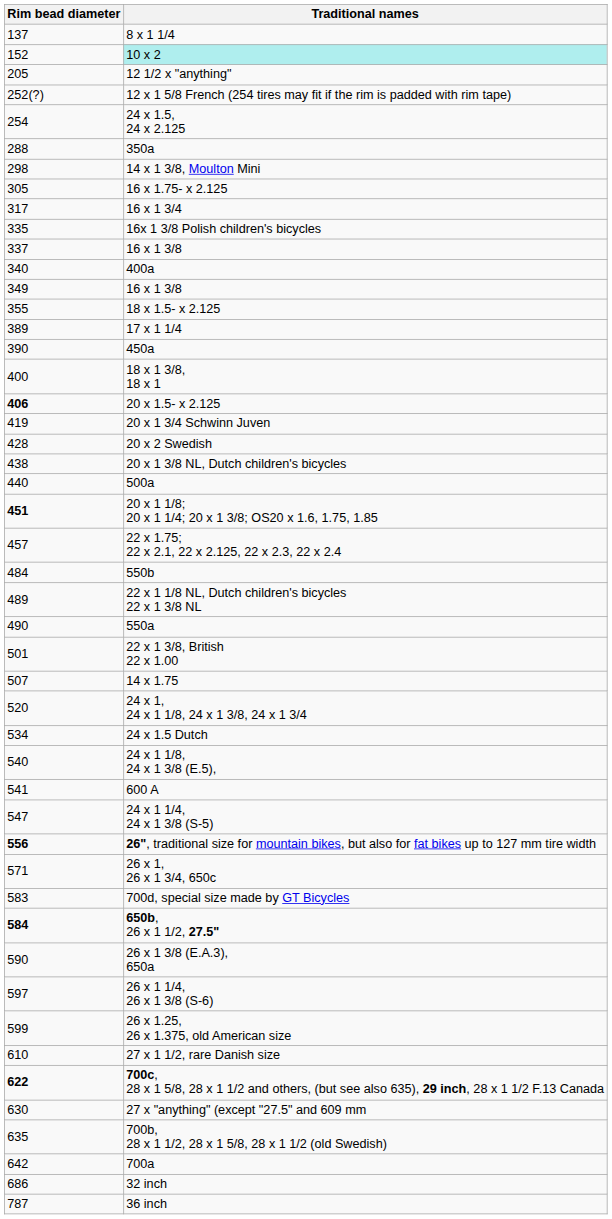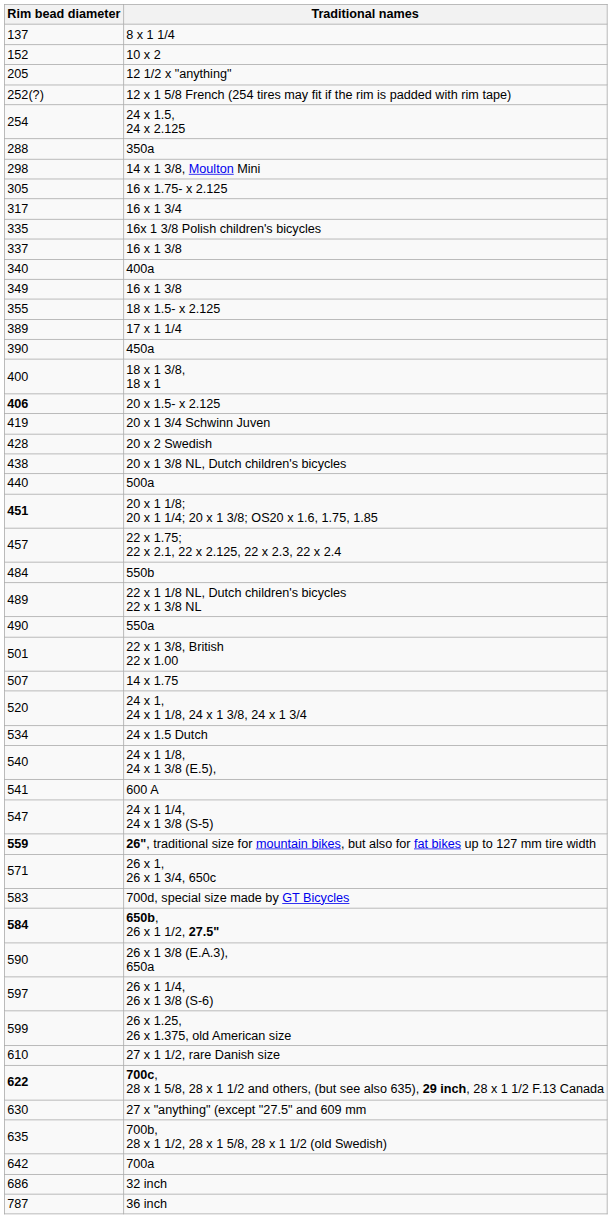 <table class="wikitable">
 <tr>
 <th>Rim bead diameter</th>
 <th>Traditional names</th>
 </tr>
 <tr>
 <td>137</td>
 <td>8 x 1 1/4</td>
 </tr>
 <tr>
 <td>152</td>
-<td style="background: paleturquoise;">10 x 2</td>
+<td>10 x 2</td>
 </tr>
 <tr>
 <td>205</td>
 <td>12 1/2 x "anything"</td>
 </tr>
 <tr>
 <td>252(?)</td>
 <td>12 x 1 5/8 French (254 tires may fit if the rim is padded with rim tape)</td>
 </tr>
 <tr>
 <td>254</td>
 <td>24 x 1.5,<br>24 x 2.125</td>
 </tr>
 <tr>
 <td>288</td>
 <td>350a</td>
 </tr>
 <tr>
 <td>298</td>
 <td>14 x 1 3/8, <a href='#'>Moulton</a> Mini</td>
 </tr>
 <tr>
 <td>305</td>
 <td>16 x 1.75- x 2.125</td>
 </tr>
 <tr>
 <td>317</td>
 <td>16 x 1 3/4</td>
 </tr>
 <tr>
 <td>335</td>
 <td>16x 1 3/8 Polish children's bicycles</td>
 </tr>
 <tr>
 <td>337</td>
 <td>16 x 1 3/8</td>
 </tr>
 <tr>
 <td>340</td>
 <td>400a</td>
 </tr>
 <tr>
 <td>349</td>
 <td>16 x 1 3/8</td>
 </tr>
 <tr>
 <td>355</td>
 <td>18 x 1.5- x 2.125</td>
 </tr>
 <tr>
 <td>389</td>
 <td>17 x 1 1/4</td>
 </tr>
 <tr>
 <td>390</td>
 <td>450a</td>
 </tr>
 <tr>
 <td>400</td>
 <td>18 x 1 3/8,<br>18 x 1</td>
 </tr>
 <tr>
 <td><strong>406</strong></td>
 <td>20 x 1.5- x 2.125</td>
 </tr>
 <tr>
 <td>419</td>
 <td>20 x 1 3/4 Schwinn Juven</td>
 </tr>
 <tr>
 <td>428</td>
 <td>20 x 2 Swedish</td>
 </tr>
 <tr>
 <td>438</td>
 <td>20 x 1 3/8 NL, Dutch children's bicycles</td>
 </tr>
 <tr>
 <td>440</td>
 <td>500a</td>
 </tr>
 <tr>
 <td><strong>451</strong></td>
 <td>20 x 1 1/8;<br>20 x 1 1/4;  20 x 1 3/8;  OS20 x 1.6, 1.75, 1.85</td>
 </tr>
 <tr>
 <td>457</td>
 <td>22 x 1.75;<br>22 x 2.1,  22 x 2.125,  22 x 2.3,  22 x 2.4</td>
 </tr>
 <tr>
 <td>484</td>
 <td>550b</td>
 </tr>
 <tr>
 <td>489</td>
 <td>22 x 1 1/8 NL, Dutch children's bicycles<br>22 x 1 3/8 NL</td>
 </tr>
 <tr>
 <td>490</td>
 <td>550a</td>
 </tr>
 <tr>
 <td>501</td>
 <td>22 x 1 3/8, British<br>22 x 1.00</td>
 </tr>
 <tr>
 <td>507</td>
 <td>14 x 1.75</td>
 </tr>
 <tr>
 <td>520</td>
 <td>24 x 1,<br>24 x 1 1/8,  24 x 1 3/8,  24 x 1 3/4</td>
 </tr>
 <tr>
 <td>534</td>
 <td>24 x 1.5 Dutch</td>
 </tr>
 <tr>
 <td>540</td>
 <td>24 x 1 1/8,<br>24 x 1 3/8 (E.5),</td>
 </tr>
 <tr>
 <td>541</td>
 <td>600 A</td>
 </tr>
 <tr>
 <td>547</td>
 <td>24 x 1 1/4,<br>24 x 1 3/8 (S-5)</td>
 </tr>
 <tr>
-<td><strong>556</strong></td>
+<td><strong>559</strong></td>
 <td><strong>26"</strong>, traditional size for <a href='#'>mountain bikes</a>, but also for <a href='#'>fat bikes</a> up to 127 mm tire width</td>
 </tr>
 <tr>
 <td>571</td>
 <td>26 x 1,<br>26 x 1 3/4,  650c</td>
 </tr>
 <tr>
 <td>583</td>
 <td>700d, special size made by <a href='#'>GT Bicycles</a></td>
 </tr>
 <tr>
 <td><strong>584</strong></td>
 <td><strong>650b</strong>,<br>26 x 1 1/2,  <strong>27.5"</strong></td>
 </tr>
 <tr>
 <td>590</td>
 <td>26 x 1 3/8 (E.A.3),<br>650a</td>
 </tr>
 <tr>
 <td>597</td>
 <td>26 x 1 1/4,<br>26 x 1 3/8 (S-6)</td>
 </tr>
 <tr>
 <td>599</td>
 <td>26 x 1.25,<br>26 x 1.375, old American size</td>
 </tr>
 <tr>
 <td>610</td>
 <td>27 x 1 1/2, rare Danish size</td>
 </tr>
 <tr>
 <td><strong>622</strong></td>
 <td><strong>700c</strong>,<br>28 x 1 5/8, 28 x 1 1/2 and others, (but see also 635),  <strong>29 inch</strong>,  28 x 1 1/2 F.13 Canada</td>
 </tr>
 <tr>
 <td>630</td>
 <td>27 x "anything" (except "27.5" and 609 mm</td>
 </tr>
 <tr>
 <td>635</td>
 <td>700b,<br>28 x 1 1/2,  28 x 1 5/8, 28 x 1 1/2 (old Swedish)</td>
 </tr>
 <tr>
 <td>642</td>
 <td>700a</td>
 </tr>
 <tr>
 <td>686</td>
 <td>32 inch</td>
 </tr>
 <tr>
 <td>787</td>
 <td>36 inch</td>
 </tr>
 </table>
